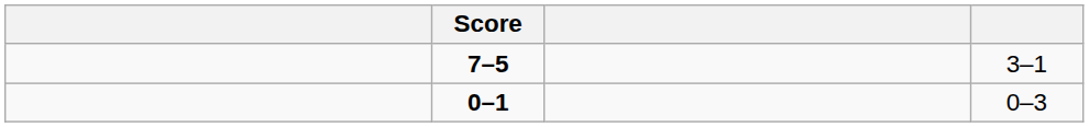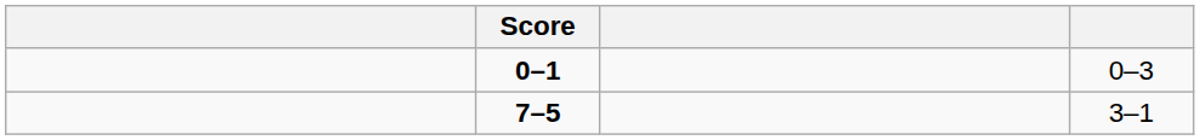 <table class="wikitable" style="text-align: center; ">
 <tr>
 <th align="right" width="270"></th>
 <th width="65">Score</th>
 <th align="left" width="270"></th>
 <th width="65"></th>
 </tr>
 <tr>
+<td align="left"></td>
+<td><strong>0–1</strong></td>
+<td align="left"><strong></strong></td>
+<td>0–3 <strong></strong></td>
+</tr>
+<tr>
 <td align="left"><strong></strong></td>
 <td><strong>7–5</strong></td>
 <td align="left"></td>
 <td>3–1 <strong></strong></td>
 </tr>
-<tr>
-<td align="left"></td>
-<td><strong>0–1</strong></td>
-<td align="left"><strong></strong></td>
-<td>0–3 <strong></strong></td>
-</tr>
 </table>
